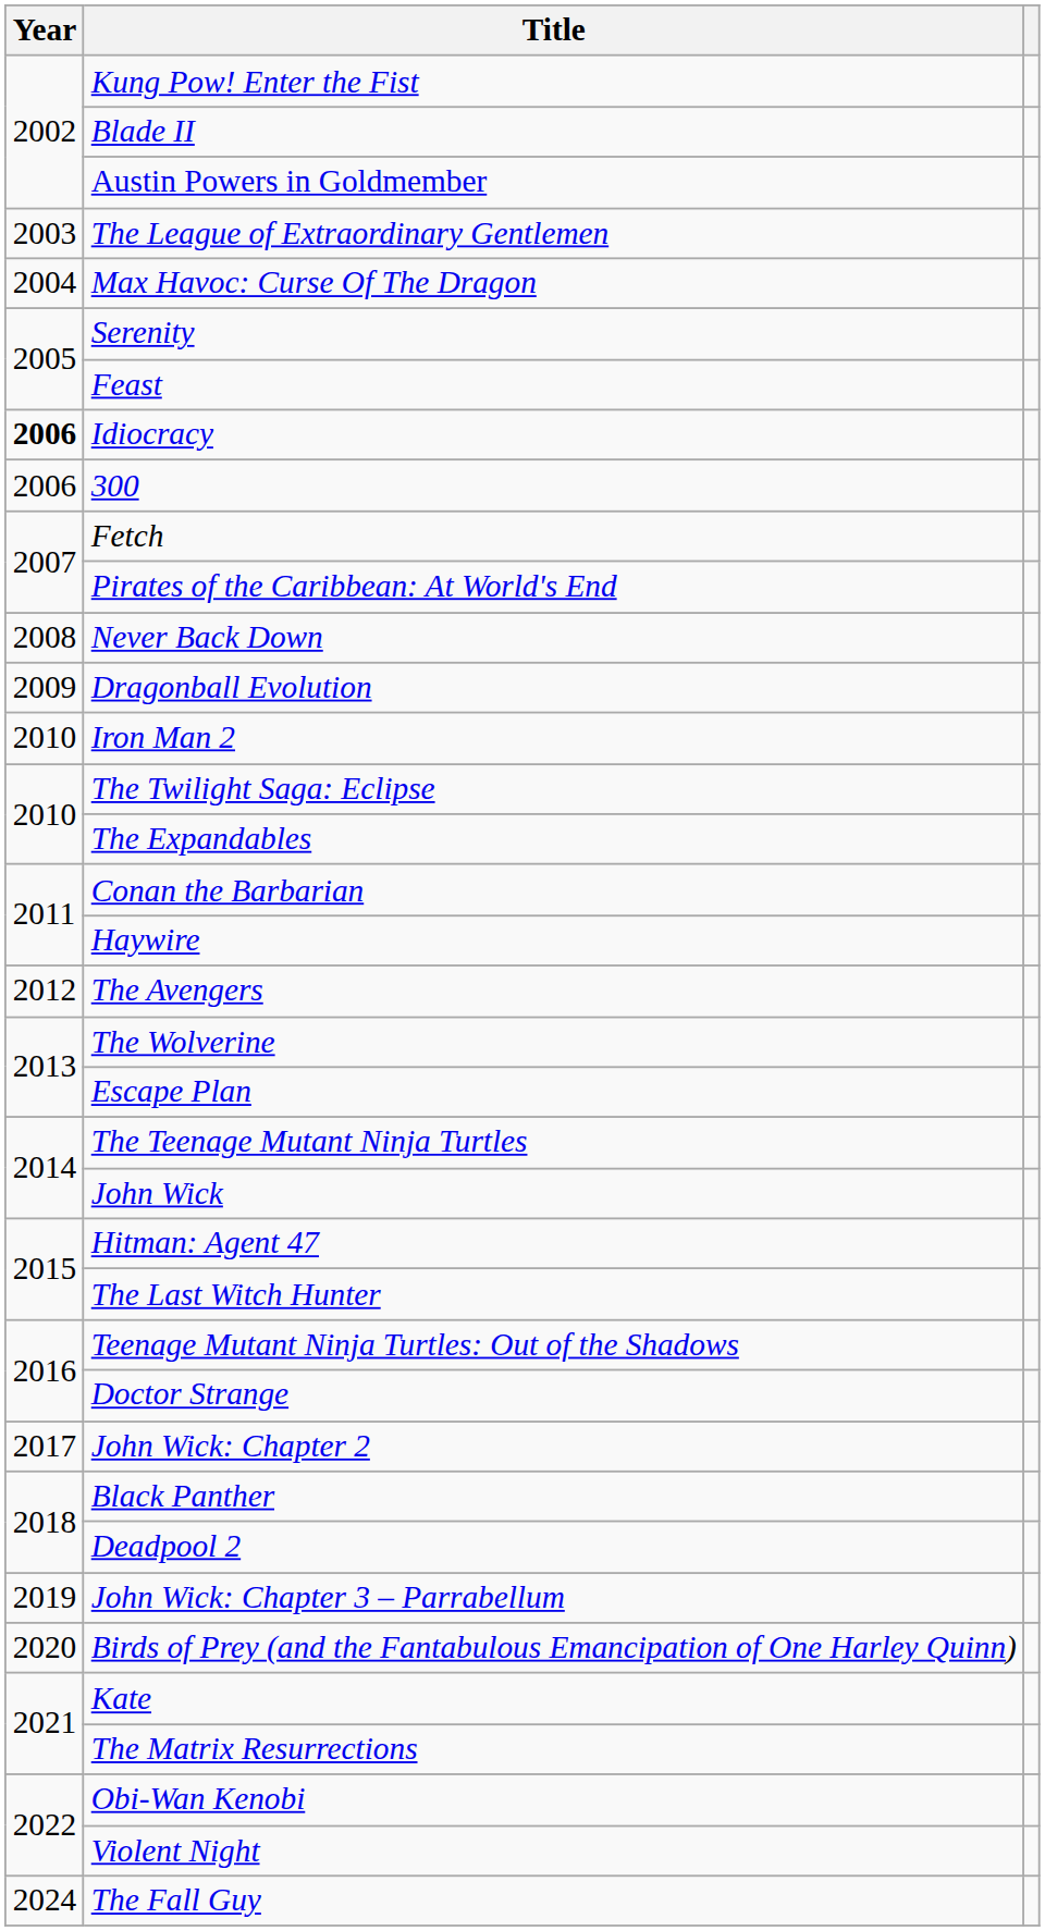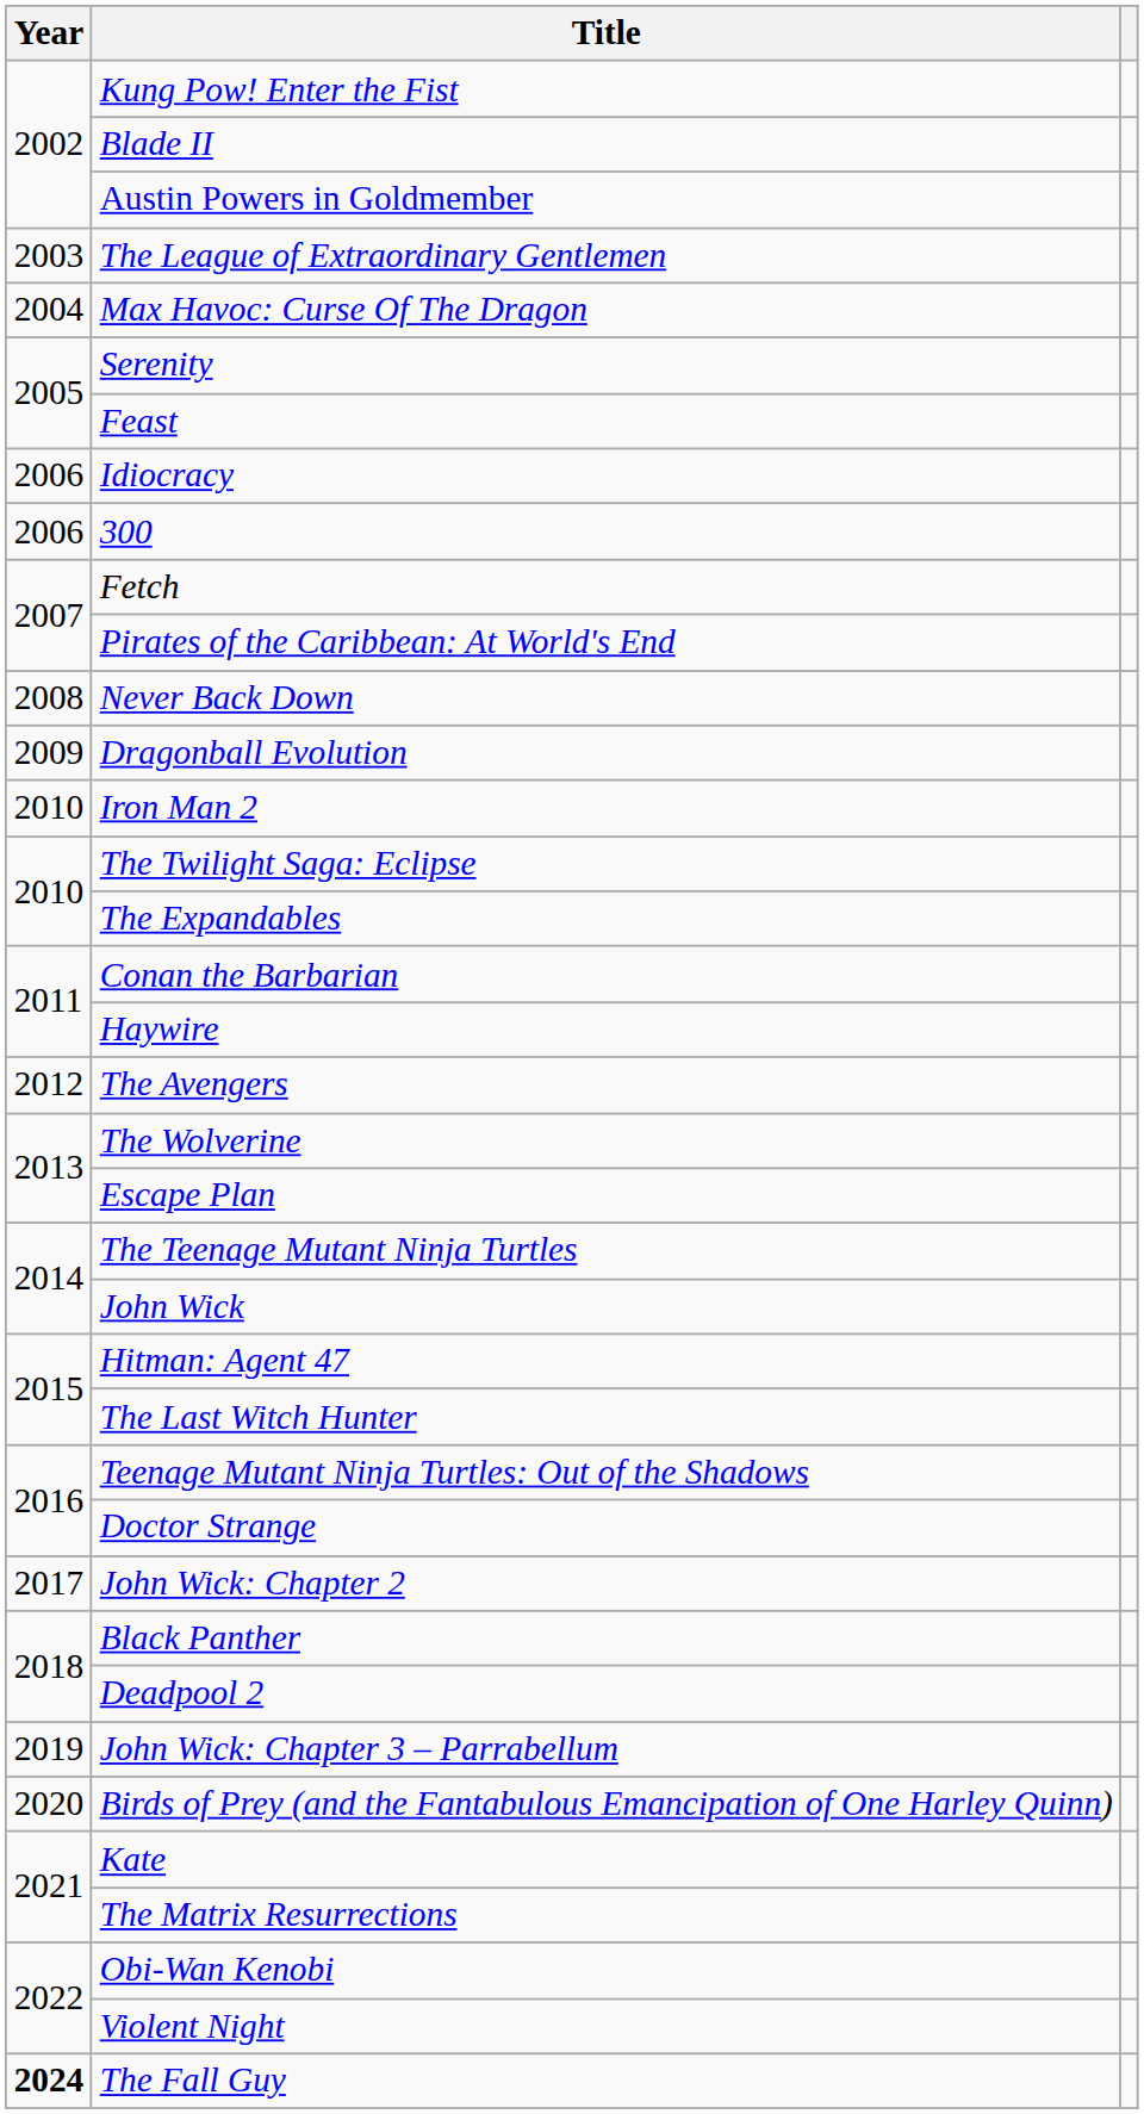 <table class="wikitable sortable">
 <tr>
 <th>Year</th>
 <th>Title</th>
 <th></th>
 </tr>
 <tr>
 <td rowspan="3">2002</td>
 <td><a href='#'><em>Kung Pow! Enter the Fist</em></a></td>
 <td></td>
 </tr>
 <tr>
 <td><a href='#'><em>Blade II</em></a></td>
 <td></td>
 </tr>
 <tr>
 <td><a href='#'>Austin Powers in Goldmember</a></td>
 <td></td>
 </tr>
 <tr>
 <td>2003</td>
 <td><em><a href='#'>The League of Extraordinary Gentlemen</a></em></td>
 <td></td>
 </tr>
 <tr>
 <td>2004</td>
 <td><em><a href='#'>Max Havoc: Curse Of The Dragon</a></em></td>
 <td></td>
 </tr>
 <tr>
 <td rowspan="2">2005</td>
 <td><em><a href='#'>Serenity</a></em></td>
 <td></td>
 </tr>
 <tr>
 <td><em><a href='#'>Feast</a></em></td>
 <td></td>
 </tr>
 <tr>
-<td><strong>2006</strong></td>
+<td>2006</td>
 <td><em><a href='#'>Idiocracy</a></em></td>
 <td></td>
 </tr>
 <tr>
 <td>2006</td>
 <td><em><a href='#'>300</a></em></td>
 <td></td>
 </tr>
 <tr>
 <td rowspan="2">2007</td>
 <td><em>Fetch</em></td>
 <td></td>
 </tr>
 <tr>
 <td><em><a href='#'>Pirates of the Caribbean: At World's End</a></em></td>
 <td></td>
 </tr>
 <tr>
 <td>2008</td>
 <td><em><a href='#'>Never Back Down</a></em></td>
 <td></td>
 </tr>
 <tr>
 <td>2009</td>
 <td><em><a href='#'>Dragonball Evolution</a></em></td>
 <td></td>
 </tr>
 <tr>
 <td>2010</td>
 <td><em><a href='#'>Iron Man 2</a></em></td>
 <td></td>
 </tr>
 <tr>
 <td rowspan="2">2010</td>
 <td><em><a href='#'>The Twilight Saga: Eclipse</a></em></td>
 <td></td>
 </tr>
 <tr>
 <td><em><a href='#'>The Expandables</a></em></td>
 <td></td>
 </tr>
 <tr>
 <td rowspan="2">2011</td>
 <td><em><a href='#'>Conan the Barbarian</a></em></td>
 <td></td>
 </tr>
 <tr>
 <td><em><a href='#'>Haywire</a></em></td>
 <td></td>
 </tr>
 <tr>
 <td>2012</td>
 <td><em><a href='#'>The Avengers</a></em></td>
 <td></td>
 </tr>
 <tr>
 <td rowspan="2">2013</td>
 <td><em><a href='#'>The Wolverine</a></em></td>
 <td></td>
 </tr>
 <tr>
 <td><em><a href='#'>Escape Plan</a></em></td>
 <td></td>
 </tr>
 <tr>
 <td rowspan="2">2014</td>
 <td><em><a href='#'>The Teenage Mutant Ninja Turtles</a></em></td>
 <td></td>
 </tr>
 <tr>
 <td><em><a href='#'>John Wick</a></em></td>
 <td></td>
 </tr>
 <tr>
 <td rowspan="2">2015</td>
 <td><em><a href='#'>Hitman: Agent 47</a></em></td>
 <td></td>
 </tr>
 <tr>
 <td><em><a href='#'>The Last Witch Hunter</a></em></td>
 <td></td>
 </tr>
 <tr>
 <td rowspan="2">2016</td>
 <td><em><a href='#'>Teenage Mutant Ninja Turtles: Out of the Shadows</a></em></td>
 <td></td>
 </tr>
 <tr>
 <td><em><a href='#'>Doctor Strange</a></em></td>
 <td></td>
 </tr>
 <tr>
 <td>2017</td>
 <td><em><a href='#'>John Wick: Chapter 2</a></em></td>
 <td></td>
 </tr>
 <tr>
 <td rowspan="2">2018</td>
 <td><em><a href='#'>Black Panther</a></em></td>
 <td></td>
 </tr>
 <tr>
 <td><em><a href='#'>Deadpool 2</a></em></td>
 <td></td>
 </tr>
 <tr>
 <td>2019</td>
 <td><em><a href='#'>John Wick: Chapter 3 – Parrabellum</a></em></td>
 <td></td>
 </tr>
 <tr>
 <td>2020</td>
 <td><em><a href='#'>Birds of Prey (and the Fantabulous Emancipation of One Harley Quinn</a>)</em></td>
 <td></td>
 </tr>
 <tr>
 <td rowspan="2">2021</td>
 <td><em><a href='#'>Kate</a></em></td>
 <td></td>
 </tr>
 <tr>
 <td><em><a href='#'>The Matrix Resurrections</a></em></td>
 <td></td>
 </tr>
 <tr>
 <td rowspan="2">2022</td>
 <td><em><a href='#'>Obi-Wan Kenobi</a></em></td>
 <td></td>
 </tr>
 <tr>
 <td><em><a href='#'>Violent Night</a></em></td>
 <td></td>
 </tr>
 <tr>
-<td>2024</td>
+<td><strong>2024</strong></td>
 <td><em><a href='#'>The Fall Guy</a></em></td>
 <td></td>
 </tr>
 </table>
